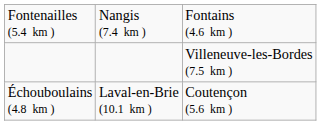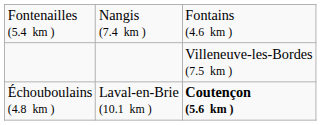 <table class="wikitable">
 <tr>
 <td>Fontenailles<br><small>(5.4  <abbr>km</abbr> )</small></td>
 <td>Nangis<br><small>(7.4  <abbr>km</abbr> )</small></td>
 <td>Fontains<br><small>(4.6  <abbr>km</abbr> )</small></td>
 </tr>
 <tr>
 <td></td>
 <td></td>
 <td>Villeneuve-les-Bordes<br><small>(7.5  <abbr>km</abbr> )</small></td>
 </tr>
 <tr>
 <td>Échouboulains<br><small>(4.8  <abbr>km</abbr> )</small></td>
 <td>Laval-en-Brie<br><small>(10.1  <abbr>km</abbr> )</small></td>
-<td>Coutençon<br><small>(5.6  <abbr>km</abbr> )</small></td>
+<td><strong>Coutençon<br><small>(5.6  <abbr>km</abbr> )</small></strong></td>
 </tr>
 </table>
